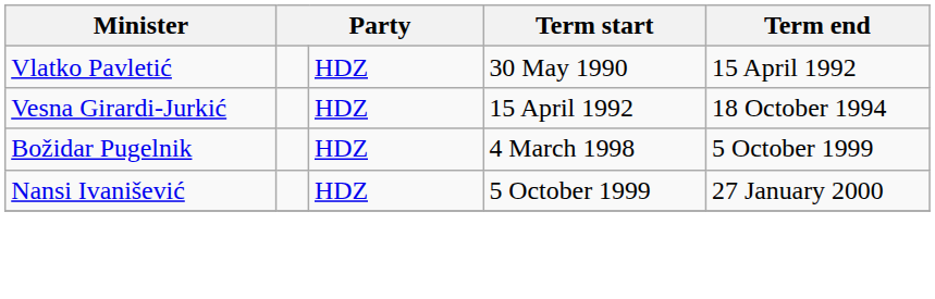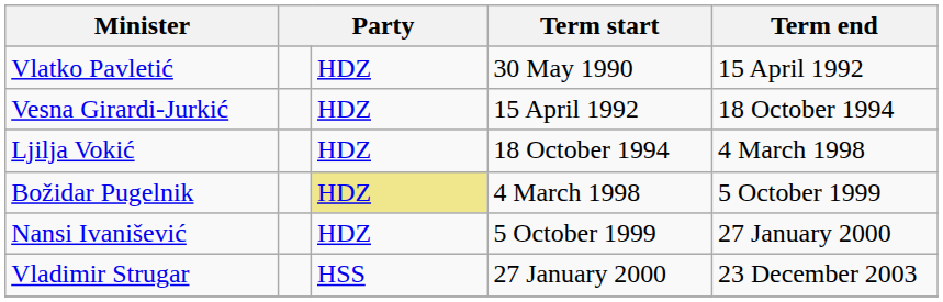 <table class="wikitable plainrowheaders">
 <tr>
 <th width="160">Minister</th>
 <th colspan=2 width="120">Party</th>
 <th width="130">Term start</th>
 <th width="130">Term end</th>
 </tr>
 <tr>
 <td scope="row"><a href='#'>Vlatko Pavletić</a></td>
 <td style="background-color: "></td>
 <td><a href='#'>HDZ</a></td>
 <td>30 May 1990</td>
 <td>15 April 1992</td>
 </tr>
 <tr>
 <td scope="row"><a href='#'>Vesna Girardi-Jurkić</a></td>
 <td style="background-color: "></td>
 <td><a href='#'>HDZ</a></td>
 <td>15 April 1992</td>
 <td>18 October 1994</td>
 </tr>
 <tr>
+<td scope="row"><a href='#'>Ljilja Vokić</a></td>
+<td style="background-color: "></td>
+<td><a href='#'>HDZ</a></td>
+<td>18 October 1994</td>
+<td>4 March 1998</td>
+</tr>
+<tr>
 <td scope="row"><a href='#'>Božidar Pugelnik</a></td>
 <td style="background-color: "></td>
-<td><a href='#'>HDZ</a></td>
+<td style="background: khaki;"><a href='#'>HDZ</a></td>
 <td>4 March 1998</td>
 <td>5 October 1999</td>
 </tr>
 <tr>
 <td scope="row"><a href='#'>Nansi Ivanišević</a></td>
 <td style="background-color: "></td>
 <td><a href='#'>HDZ</a></td>
 <td>5 October 1999</td>
 <td>27 January 2000</td>
 </tr>
 <tr>
+<td scope="row"><a href='#'>Vladimir Strugar</a></td>
+<td style="background-color: "></td>
+<td><a href='#'>HSS</a></td>
+<td>27 January 2000</td>
+<td>23 December 2003</td>
+</tr>
+<tr>
 </tr>
 </table>
